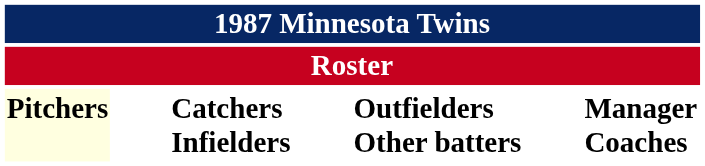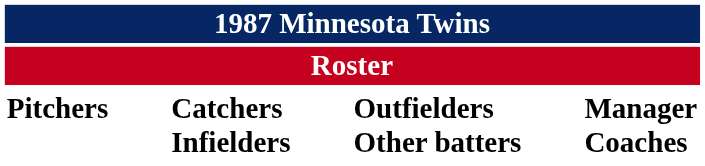 <table class="toccolours" style="font-size: 95%;">
 <tr>
 <th colspan="10" style="background-color: #072764; color: #FFFFFF; text-align: center;">1987 Minnesota Twins</th>
 </tr>
 <tr>
 <td colspan="10" style="background-color: #c6011f; color: white; text-align: center;"><strong>Roster</strong></td>
 </tr>
 <tr>
-<td valign="top" style="background: lightyellow;"><strong>Pitchers</strong><br>                </td>
+<td valign="top"><strong>Pitchers</strong><br>                </td>
 <td width="25px"></td>
 <td valign="top"><strong>Catchers</strong><br>    <strong>Infielders</strong>        </td>
 <td width="25px"></td>
 <td valign="top"><strong>Outfielders</strong><br>      <strong>Other batters</strong> </td>
 <td width="25px"></td>
 <td valign="top"><strong>Manager</strong><br> <strong>Coaches</strong>     </td>
 </tr>
 <tr>
 </tr>
 </table>
